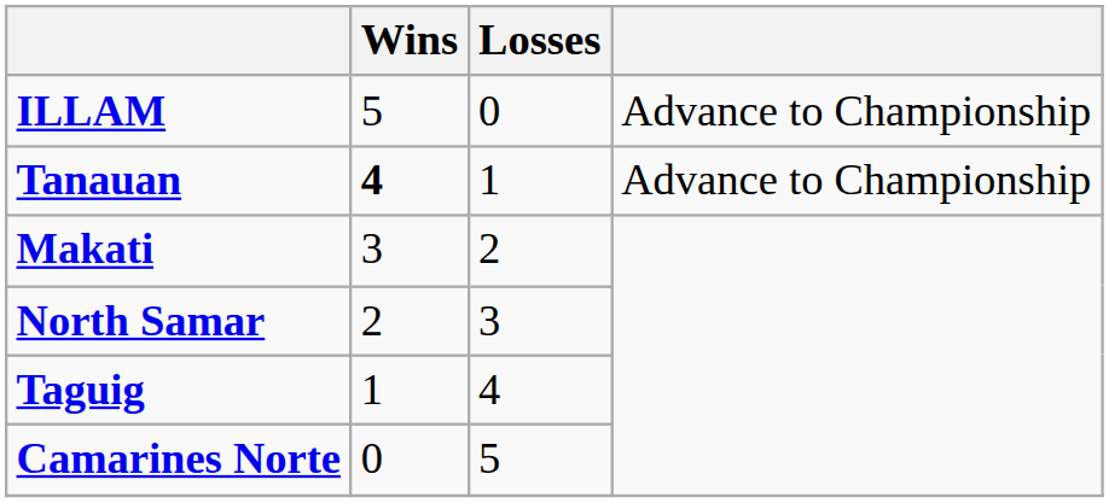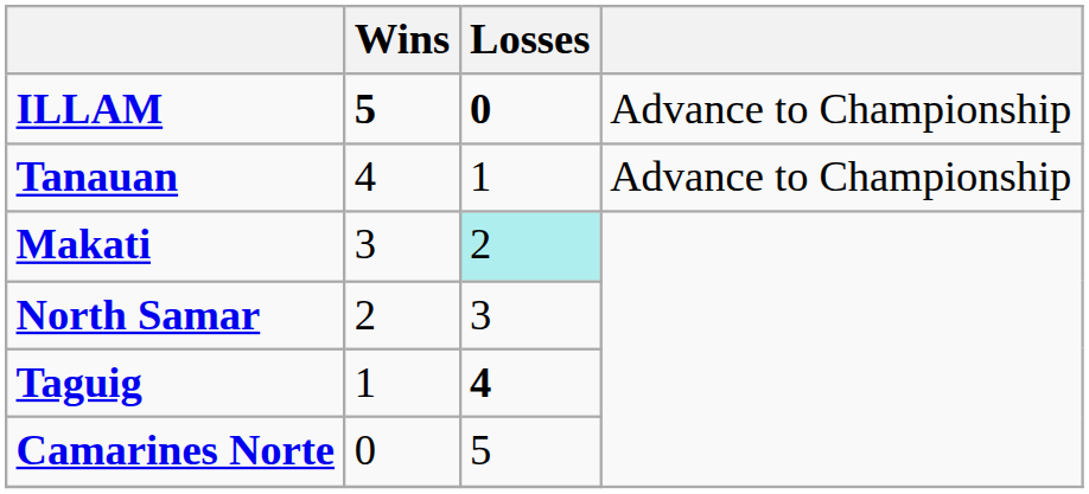 <table class="wikitable">
 <tr align=center>
 <th></th>
 <th>Wins</th>
 <th>Losses</th>
 <th></th>
 </tr>
 <tr>
 <td><strong><a href='#'>ILLAM</a></strong></td>
-<td>5</td>
-<td>0</td>
+<td><strong>5</strong></td>
+<td><strong>0</strong></td>
 <td>Advance to Championship</td>
 </tr>
 <tr>
 <td><strong><a href='#'>Tanauan</a></strong></td>
-<td><strong>4</strong></td>
+<td>4</td>
 <td>1</td>
 <td>Advance to Championship</td>
 </tr>
 <tr>
 <td><strong><a href='#'>Makati</a></strong></td>
 <td>3</td>
-<td>2</td>
+<td style="background: paleturquoise;">2</td>
 </tr>
 <tr>
 <td><strong><a href='#'>North Samar</a></strong></td>
 <td>2</td>
 <td>3</td>
 </tr>
 <tr>
 <td><strong><a href='#'>Taguig</a></strong></td>
 <td>1</td>
-<td>4</td>
+<td><strong>4</strong></td>
 </tr>
 <tr>
 <td><strong><a href='#'>Camarines Norte</a></strong></td>
 <td>0</td>
 <td>5</td>
 </tr>
 <tr>
 </tr>
 </table>
